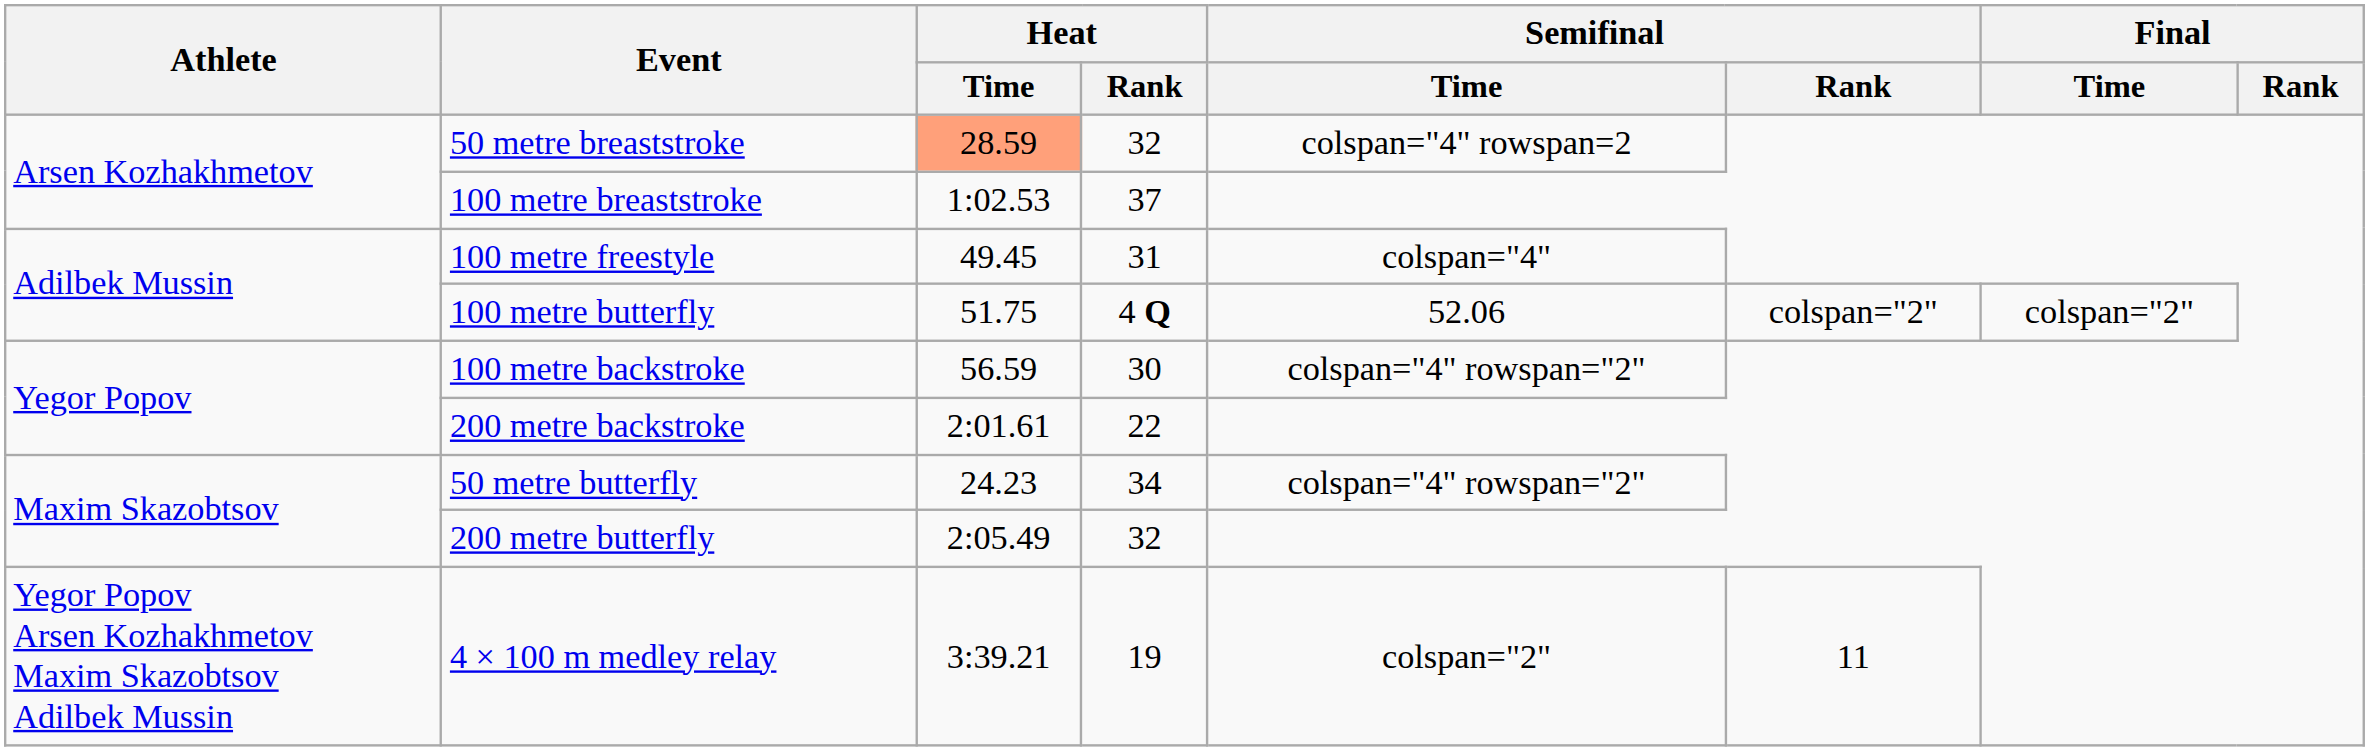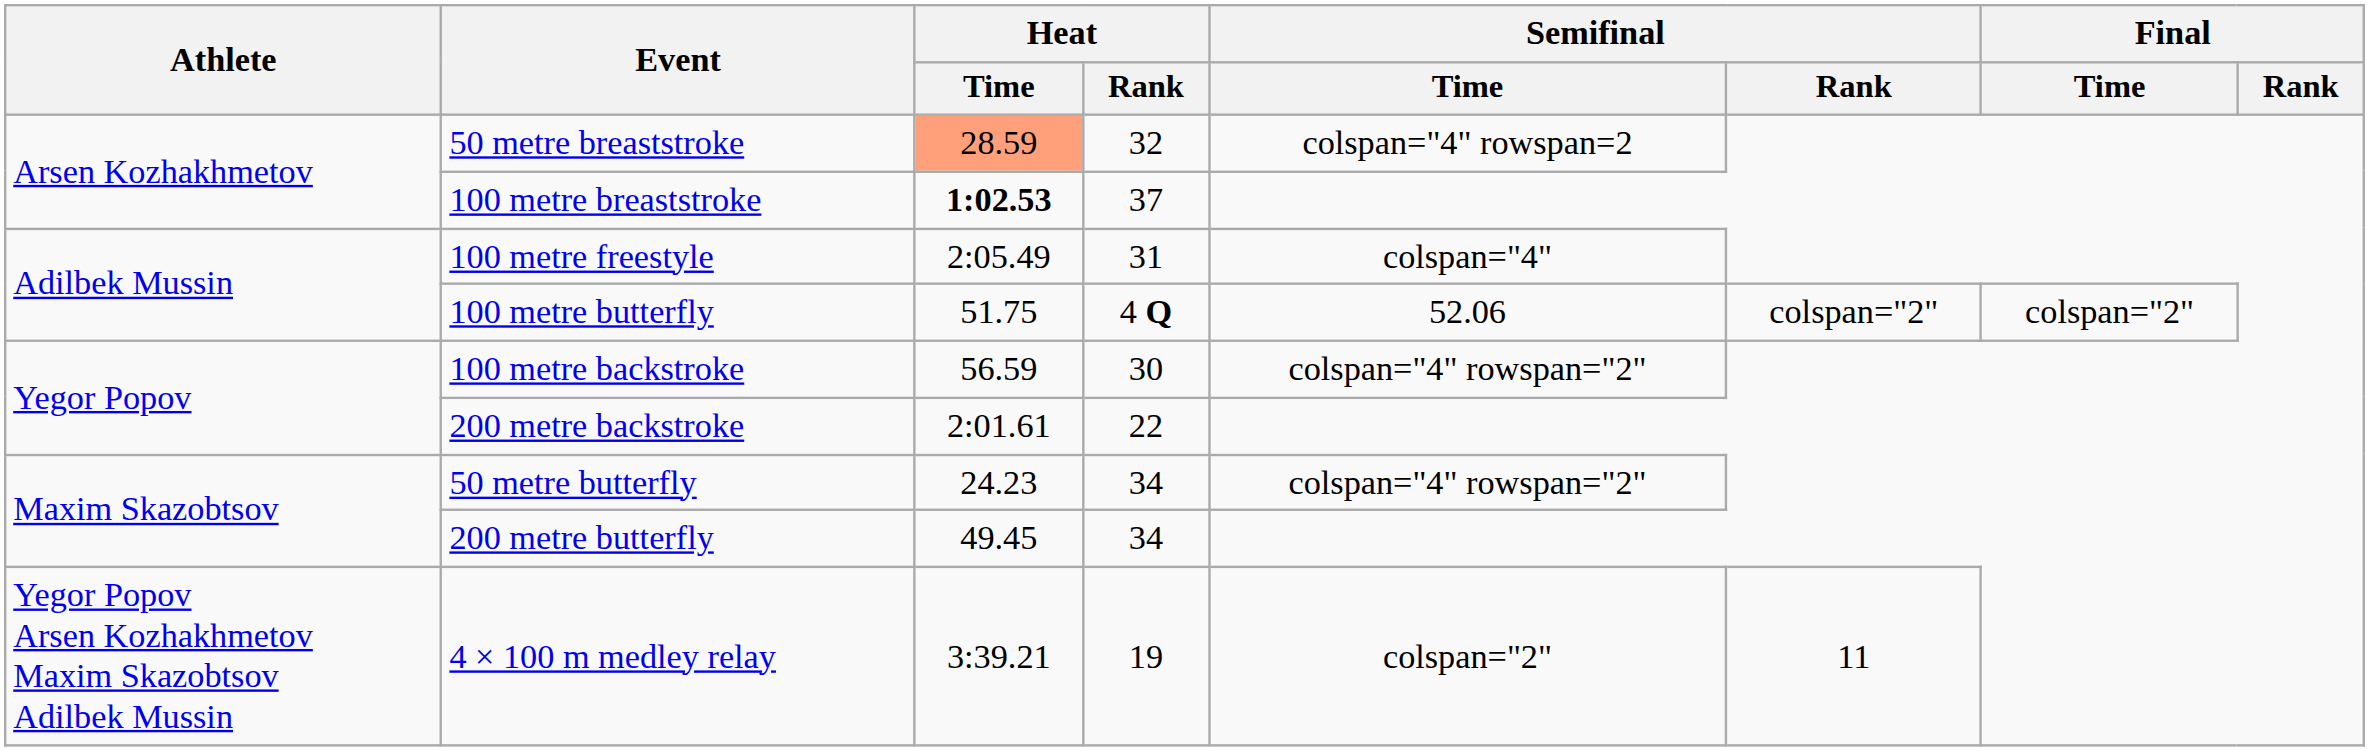 <table class="wikitable" style="text-align:center; font-size:90%; width:50%;">
 <tr>
 <th rowspan="2">Athlete</th>
 <th rowspan="2">Event</th>
 <th colspan="2">Heat</th>
 <th colspan="2">Semifinal</th>
 <th colspan="2">Final</th>
 </tr>
 <tr style="font-size:95%">
 <th>Time</th>
 <th>Rank</th>
 <th>Time</th>
 <th>Rank</th>
 <th>Time</th>
 <th>Rank</th>
 </tr>
 <tr align=center>
 <td align=left rowspan=2><a href='#'>Arsen Kozhakhmetov</a></td>
 <td align=left><a href='#'>50 metre breaststroke</a></td>
 <td style="background: lightsalmon;">28.59</td>
 <td>32</td>
 <td>colspan="4" rowspan=2 </td>
 </tr>
 <tr align=center>
 <td align=left><a href='#'>100 metre breaststroke</a></td>
-<td>1:02.53</td>
+<td><strong>1:02.53</strong></td>
 <td>37</td>
 </tr>
 <tr align=center>
 <td align=left rowspan="2"><a href='#'>Adilbek Mussin</a></td>
 <td align=left><a href='#'>100 metre freestyle</a></td>
-<td>49.45</td>
+<td>2:05.49</td>
 <td>31</td>
 <td>colspan="4" </td>
 </tr>
 <tr align=center>
 <td align=left><a href='#'>100 metre butterfly</a></td>
 <td>51.75</td>
 <td>4 <strong>Q</strong></td>
 <td>52.06</td>
 <td>colspan="2" </td>
 <td>colspan="2" </td>
 </tr>
 <tr align=center>
 <td align=left rowspan="2"><a href='#'>Yegor Popov</a></td>
 <td align=left><a href='#'>100 metre backstroke</a></td>
 <td>56.59</td>
 <td>30</td>
 <td>colspan="4" rowspan="2" </td>
 </tr>
 <tr align=center>
 <td align=left><a href='#'>200 metre backstroke</a></td>
 <td>2:01.61</td>
 <td>22</td>
 </tr>
 <tr align=center>
 <td align=left rowspan="2"><a href='#'>Maxim Skazobtsov</a></td>
 <td align=left><a href='#'>50 metre butterfly</a></td>
 <td>24.23</td>
 <td>34</td>
 <td>colspan="4" rowspan="2" </td>
 </tr>
 <tr align=center>
 <td align=left><a href='#'>200 metre butterfly</a></td>
-<td>2:05.49</td>
-<td>32</td>
+<td>49.45</td>
+<td>34</td>
 </tr>
 <tr>
 <td align=left><a href='#'>Yegor Popov</a> <br><a href='#'>Arsen Kozhakhmetov</a> <br><a href='#'>Maxim Skazobtsov</a> <br><a href='#'>Adilbek Mussin</a></td>
 <td align=left><a href='#'>4 × 100 m medley relay</a></td>
 <td>3:39.21</td>
 <td>19</td>
 <td>colspan="2" </td>
 <td>11</td>
 </tr>
 </table>
